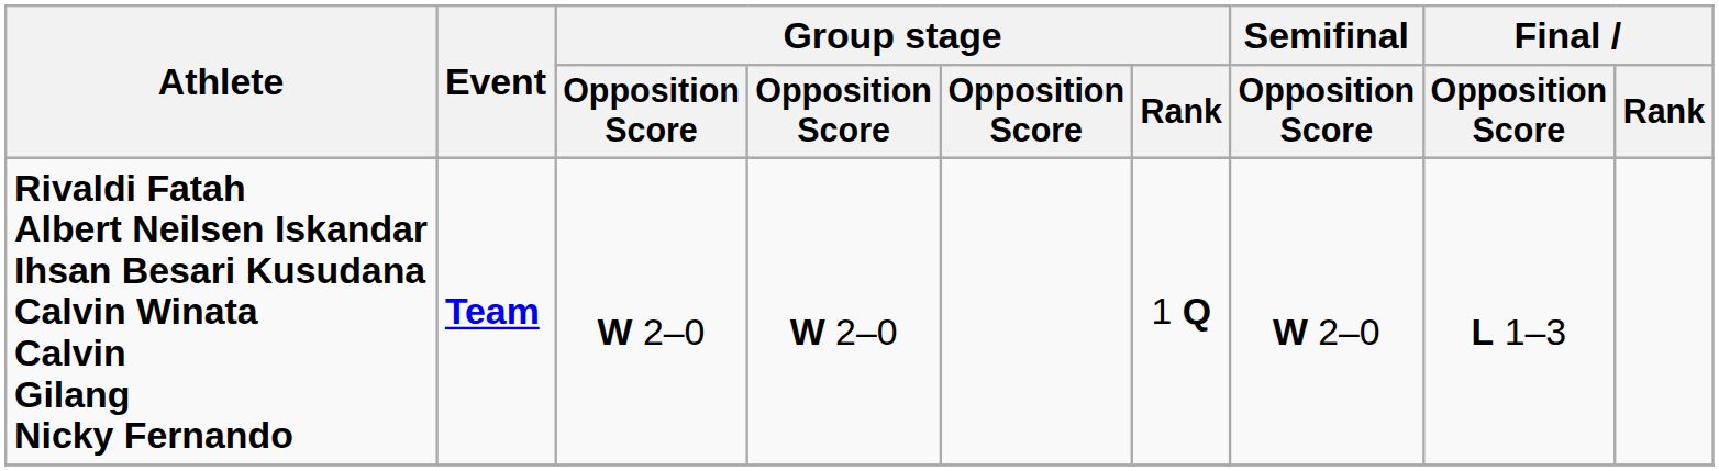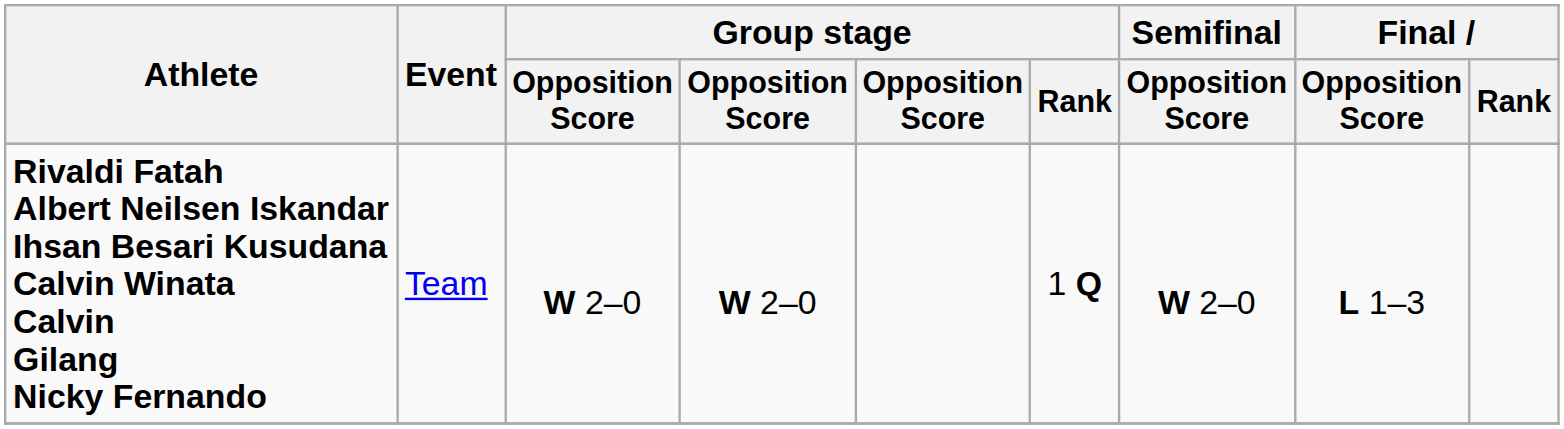 <table class="wikitable" style="font-size:90%">
 <tr>
 <th rowspan="2">Athlete</th>
 <th rowspan="2">Event</th>
 <th colspan="4">Group stage</th>
 <th>Semifinal</th>
 <th colspan=2>Final / </th>
 </tr>
 <tr style="font-size:90%", align="center">
 <th>Opposition<br>Score</th>
 <th>Opposition<br>Score</th>
 <th>Opposition<br>Score </th>
 <th>Rank</th>
 <th>Opposition<br>Score</th>
 <th>Opposition<br>Score</th>
 <th>Rank</th>
 </tr>
 <tr>
 </tr>
 <tr align="center">
 <td align="left"><strong>Rivaldi Fatah<br>Albert Neilsen Iskandar<br>Ihsan Besari Kusudana<br>Calvin Winata<br>Calvin<br>Gilang<br>Nicky Fernando</strong></td>
-<td align="left"><strong><a href='#'>Team</a></strong></td>
+<td align="left"><a href='#'>Team</a></td>
 <td><br><strong>W</strong> 2–0</td>
 <td><br><strong>W</strong> 2–0</td>
 <td></td>
 <td>1 <strong>Q</strong></td>
 <td><br><strong>W</strong> 2–0</td>
 <td><br><strong>L</strong> 1–3</td>
 <td></td>
 </tr>
 <tr>
 </tr>
 </table>
